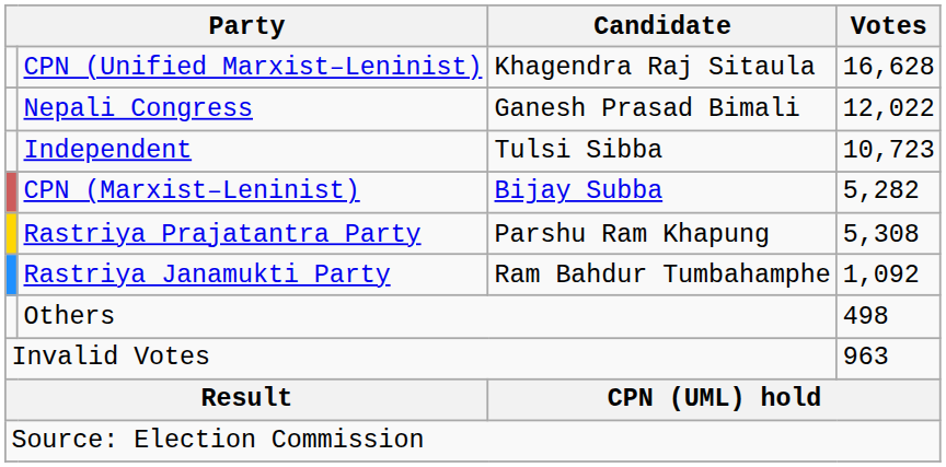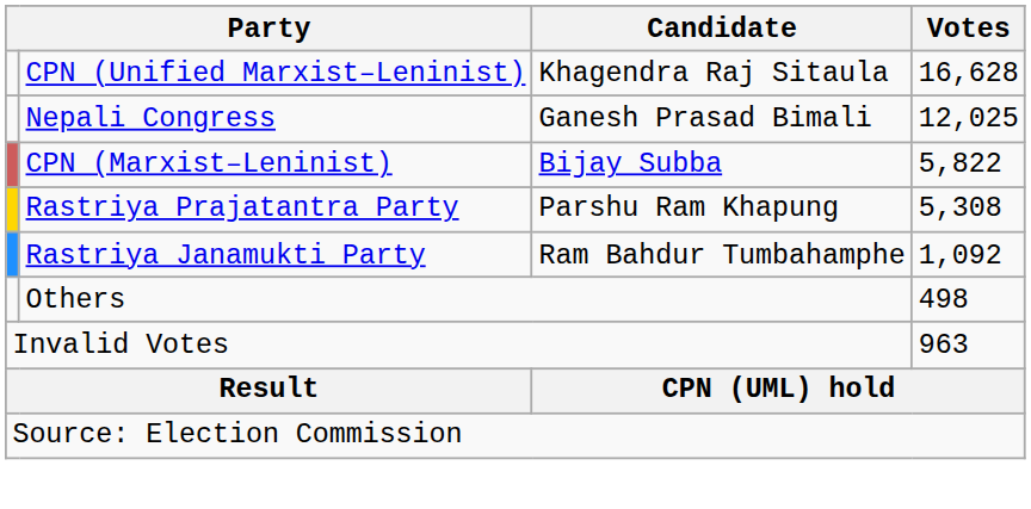 <table class="wikitable">
 <tr>
 <th colspan="2">Party</th>
 <th>Candidate</th>
 <th>Votes</th>
 </tr>
 <tr>
 <td style="background-color:"></td>
 <td><a href='#'>CPN (Unified Marxist–Leninist)</a></td>
 <td>Khagendra Raj Sitaula</td>
 <td>16,628</td>
 </tr>
 <tr>
 <td style="background-color:"></td>
 <td><a href='#'>Nepali Congress</a></td>
 <td>Ganesh Prasad Bimali</td>
-<td>12,022</td>
-</tr>
-<tr>
-<td style="background-color:"></td>
-<td><a href='#'>Independent</a></td>
-<td>Tulsi Sibba</td>
-<td>10,723</td>
+<td>12,025</td>
 </tr>
 <tr>
 <td style="background-color:indianred"></td>
 <td><a href='#'>CPN (Marxist–Leninist)</a></td>
 <td><a href='#'>Bijay Subba</a></td>
-<td>5,282</td>
+<td>5,822</td>
 </tr>
 <tr>
 <td style="background-color:gold"></td>
 <td><a href='#'>Rastriya Prajatantra Party</a></td>
 <td>Parshu Ram Khapung</td>
 <td>5,308</td>
 </tr>
 <tr>
 <td style="background-color:dodgerblue"></td>
 <td><a href='#'>Rastriya Janamukti Party</a></td>
 <td>Ram Bahdur Tumbahamphe</td>
 <td>1,092</td>
 </tr>
 <tr>
 <td></td>
 <td colspan="2">Others</td>
 <td>498</td>
 </tr>
 <tr>
 <td colspan="3">Invalid Votes</td>
 <td>963</td>
 </tr>
 <tr>
 <th colspan="2">Result</th>
 <th colspan="2">CPN (UML) hold</th>
 </tr>
 <tr>
 <td colspan="4">Source: Election Commission</td>
 </tr>
 </table>
